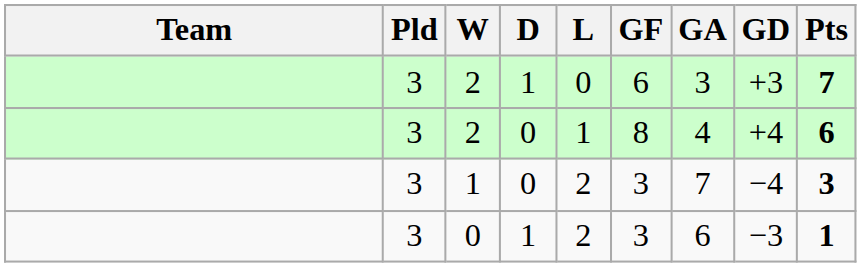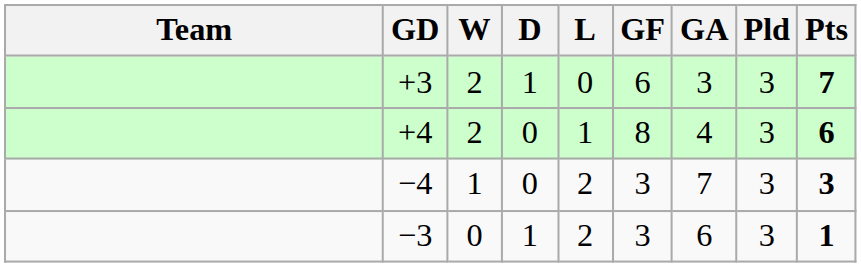 <table class="wikitable" style="text-align:center;">
 <tr>
 <th width=180>Team</th>
-<th width=20>Pld</th>
+<th width=20>GD</th>
 <th width=20>W</th>
 <th width=20>D</th>
 <th width=20>L</th>
 <th width=20>GF</th>
 <th width=20>GA</th>
-<th width=20>GD</th>
+<th width=20>Pld</th>
 <th width=20>Pts</th>
 </tr>
 <tr bgcolor="ccffcc">
 <td align="left"></td>
-<td>3</td>
+<td>+3</td>
 <td>2</td>
 <td>1</td>
 <td>0</td>
 <td>6</td>
 <td>3</td>
-<td>+3</td>
+<td>3</td>
 <td><strong>7</strong></td>
 </tr>
 <tr bgcolor="ccffcc">
 <td align="left"></td>
-<td>3</td>
+<td>+4</td>
 <td>2</td>
 <td>0</td>
 <td>1</td>
 <td>8</td>
 <td>4</td>
-<td>+4</td>
+<td>3</td>
 <td><strong>6</strong></td>
 </tr>
 <tr>
 <td align="left"></td>
-<td>3</td>
+<td>−4</td>
 <td>1</td>
 <td>0</td>
 <td>2</td>
 <td>3</td>
 <td>7</td>
-<td>−4</td>
+<td>3</td>
 <td><strong>3</strong></td>
 </tr>
 <tr>
 <td align="left"></td>
-<td>3</td>
+<td>−3</td>
 <td>0</td>
 <td>1</td>
 <td>2</td>
 <td>3</td>
 <td>6</td>
-<td>−3</td>
+<td>3</td>
 <td><strong>1</strong></td>
 </tr>
 </table>
